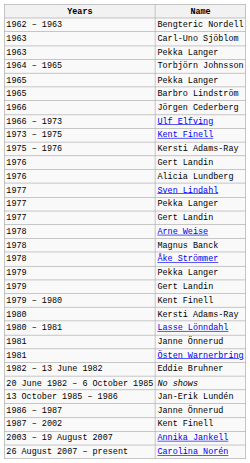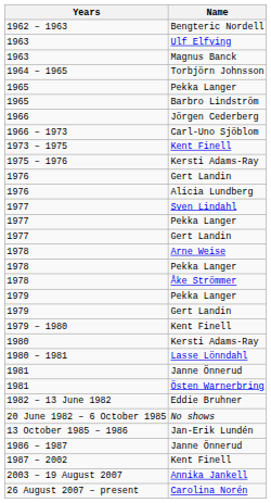 <table class="wikitable">
 <tr>
 <th>Years</th>
 <th>Name</th>
 </tr>
 <tr>
 <td>1962 – 1963</td>
 <td>Bengteric Nordell</td>
 </tr>
 <tr>
 <td>1963</td>
-<td>Carl-Uno Sjöblom</td>
+<td><a href='#'>Ulf Elfving</a></td>
 </tr>
 <tr>
 <td>1963</td>
-<td>Pekka Langer</td>
+<td>Magnus Banck</td>
 </tr>
 <tr>
 <td>1964 – 1965</td>
 <td>Torbjörn Johnsson</td>
 </tr>
 <tr>
 <td>1965</td>
 <td>Pekka Langer</td>
 </tr>
 <tr>
 <td>1965</td>
 <td>Barbro Lindström</td>
 </tr>
 <tr>
 <td>1966</td>
 <td>Jörgen Cederberg</td>
 </tr>
 <tr>
 <td>1966 – 1973</td>
-<td><a href='#'>Ulf Elfving</a></td>
+<td>Carl-Uno Sjöblom</td>
 </tr>
 <tr>
 <td>1973 – 1975</td>
 <td><a href='#'>Kent Finell</a></td>
 </tr>
 <tr>
 <td>1975 – 1976</td>
 <td>Kersti Adams-Ray</td>
 </tr>
 <tr>
 <td>1976</td>
 <td>Gert Landin</td>
 </tr>
 <tr>
 <td>1976</td>
 <td>Alicia Lundberg</td>
 </tr>
 <tr>
 <td>1977</td>
 <td><a href='#'>Sven Lindahl</a></td>
 </tr>
 <tr>
 <td>1977</td>
 <td>Pekka Langer</td>
 </tr>
 <tr>
 <td>1977</td>
 <td>Gert Landin</td>
 </tr>
 <tr>
 <td>1978</td>
 <td><a href='#'>Arne Weise</a></td>
 </tr>
 <tr>
 <td>1978</td>
-<td>Magnus Banck</td>
+<td>Pekka Langer</td>
 </tr>
 <tr>
 <td>1978</td>
 <td><a href='#'>Åke Strömmer</a></td>
 </tr>
 <tr>
 <td>1979</td>
 <td>Pekka Langer</td>
 </tr>
 <tr>
 <td>1979</td>
 <td>Gert Landin</td>
 </tr>
 <tr>
 <td>1979 – 1980</td>
 <td>Kent Finell</td>
 </tr>
 <tr>
 <td>1980</td>
 <td>Kersti Adams-Ray</td>
 </tr>
 <tr>
 <td>1980 – 1981</td>
 <td><a href='#'>Lasse Lönndahl</a></td>
 </tr>
 <tr>
 <td>1981</td>
 <td>Janne Önnerud</td>
 </tr>
 <tr>
 <td>1981</td>
 <td><a href='#'>Östen Warnerbring</a></td>
 </tr>
 <tr>
 <td>1982 – 13 June 1982</td>
 <td>Eddie Bruhner</td>
 </tr>
 <tr>
 <td>20 June 1982 – 6 October 1985</td>
 <td><em>No shows</em></td>
 </tr>
 <tr>
 <td>13 October 1985 – 1986</td>
 <td>Jan-Erik Lundén</td>
 </tr>
 <tr>
 <td>1986 – 1987</td>
 <td>Janne Önnerud</td>
 </tr>
 <tr>
 <td>1987 – 2002</td>
 <td>Kent Finell</td>
 </tr>
 <tr>
 <td>2003 – 19 August 2007</td>
 <td><a href='#'>Annika Jankell</a></td>
 </tr>
 <tr>
 <td>26 August 2007 – present</td>
 <td><a href='#'>Carolina Norén</a></td>
 </tr>
 </table>
